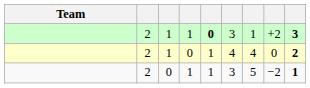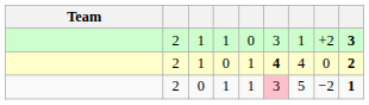 <table class="wikitable" style="text-align:center">
 <tr>
 <th width=165>Team</th>
 <th width=20></th>
 <th width=20></th>
 <th width=20></th>
 <th width=20></th>
 <th width=20></th>
 <th width=20></th>
 <th width=20></th>
 <th width=20></th>
 </tr>
 <tr bgcolor=ccffcc>
 <td align=left></td>
 <td>2</td>
 <td>1</td>
 <td>1</td>
-<td><strong>0</strong></td>
+<td>0</td>
 <td>3</td>
 <td>1</td>
 <td>+2</td>
 <td><strong>3</strong></td>
 </tr>
 <tr bgcolor=ffffcc>
 <td align=left></td>
 <td>2</td>
 <td>1</td>
 <td>0</td>
 <td>1</td>
-<td>4</td>
+<td><strong>4</strong></td>
 <td>4</td>
 <td>0</td>
 <td><strong>2</strong></td>
 </tr>
 <tr>
 <td align=left></td>
 <td>2</td>
 <td>0</td>
 <td>1</td>
 <td>1</td>
-<td>3</td>
+<td style="background: pink;">3</td>
 <td>5</td>
 <td>−2</td>
 <td><strong>1</strong></td>
 </tr>
 </table>
